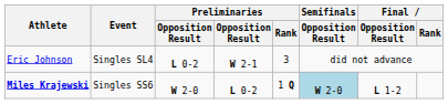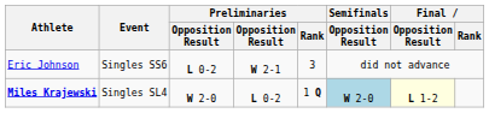 <table class=wikitable style="font-size:90%">
 <tr>
 <th rowspan="2">Athlete</th>
 <th rowspan="2">Event</th>
 <th colspan="3">Preliminaries</th>
 <th>Semifinals</th>
 <th colspan="2">Final / </th>
 </tr>
 <tr>
 <th>Opposition<br>Result</th>
 <th>Opposition<br>Result</th>
 <th>Rank</th>
 <th>Opposition<br>Result</th>
 <th>Opposition<br>Result</th>
 <th>Rank</th>
 </tr>
 <tr align=center>
 <td align=left><a href='#'>Eric Johnson</a></td>
-<td align=left>Singles SL4</td>
+<td align=left>Singles SS6</td>
 <td><br><strong>L</strong> 0-2</td>
 <td><br><strong>W</strong> 2-1</td>
 <td>3</td>
 <td colspan=3>did not advance</td>
 </tr>
 <tr align=center>
 <td align=left><strong><a href='#'>Miles Krajewski</a></strong></td>
-<td align=left>Singles SS6</td>
+<td align=left>Singles SL4</td>
 <td><br><strong>W</strong> 2-0</td>
 <td><br><strong>L</strong> 0-2</td>
 <td>1 <strong>Q</strong></td>
 <td style="background: lightblue;"><br><strong>W</strong> 2-0</td>
-<td><br><strong>L</strong> 1-2</td>
+<td style="background: lightyellow;"><br><strong>L</strong> 1-2</td>
 <td></td>
 </tr>
 </table>
